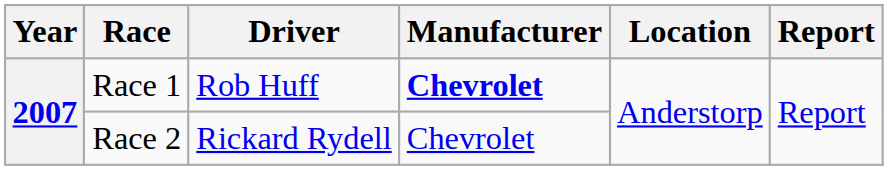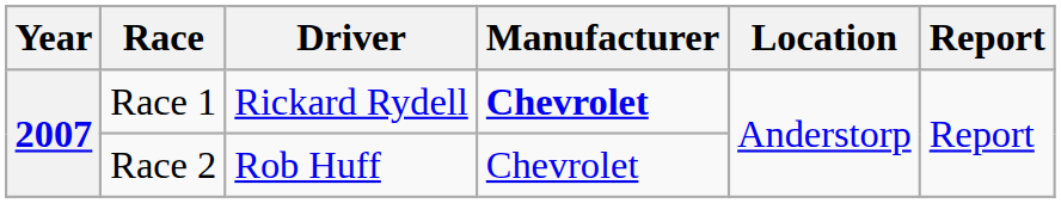 <table class="wikitable" style="font-size: 95%;">
 <tr>
 <th>Year</th>
 <th>Race</th>
 <th>Driver</th>
 <th>Manufacturer</th>
 <th>Location</th>
 <th>Report</th>
 </tr>
 <tr>
 <th rowspan=2><a href='#'>2007</a></th>
 <td>Race 1</td>
-<td> <a href='#'>Rob Huff</a></td>
+<td> <a href='#'>Rickard Rydell</a></td>
 <td><strong><a href='#'>Chevrolet</a></strong></td>
 <td rowspan=2><a href='#'>Anderstorp</a></td>
 <td rowspan=2><a href='#'>Report</a></td>
 </tr>
 <tr>
 <td>Race 2</td>
-<td> <a href='#'>Rickard Rydell</a></td>
+<td> <a href='#'>Rob Huff</a></td>
 <td><a href='#'>Chevrolet</a></td>
 </tr>
 </table>
